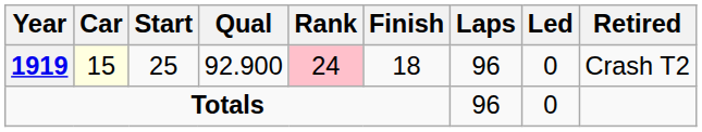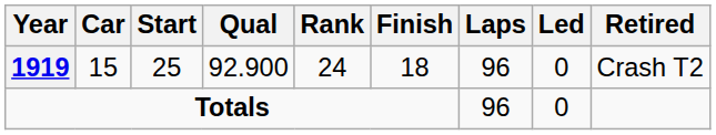 <table class="wikitable" style="text-align:center">
 <tr>
 <th>Year</th>
 <th>Car</th>
 <th>Start</th>
 <th>Qual</th>
 <th>Rank</th>
 <th>Finish</th>
 <th>Laps</th>
 <th>Led</th>
 <th>Retired</th>
 </tr>
 <tr>
 <th><a href='#'>1919</a></th>
-<td style="background: lightyellow;">15</td>
+<td>15</td>
 <td>25</td>
 <td>92.900</td>
-<td style="background: pink;">24</td>
+<td>24</td>
 <td>18</td>
 <td>96</td>
 <td>0</td>
 <td>Crash T2</td>
 </tr>
 <tr>
 <td colspan=6><strong>Totals</strong></td>
 <td>96</td>
 <td>0</td>
 <td></td>
 </tr>
 </table>
